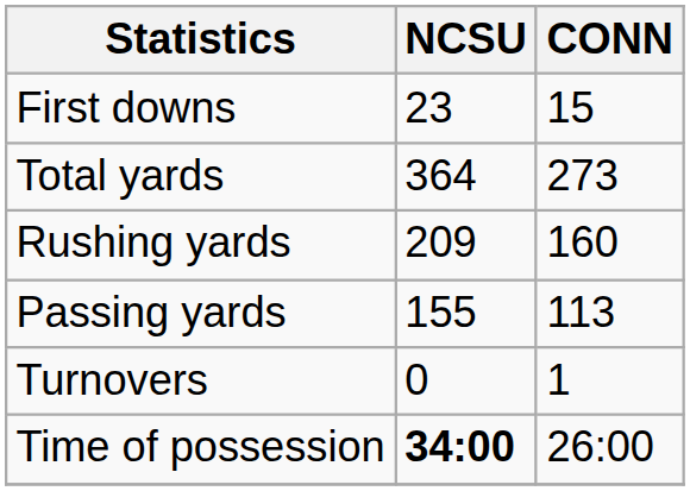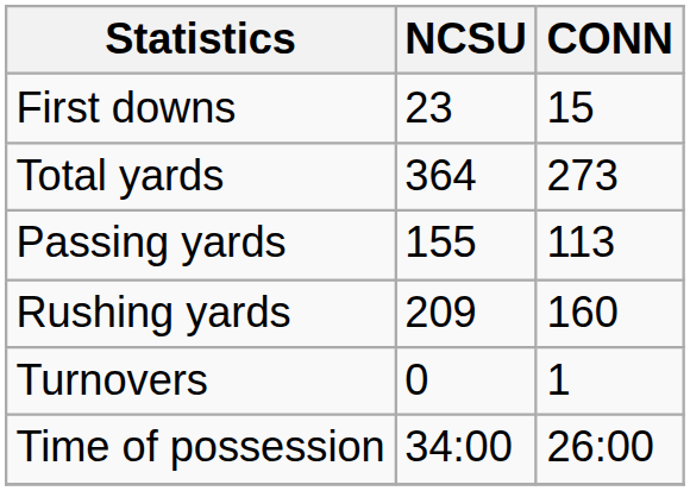 <table class="wikitable">
 <tr>
 <th>Statistics</th>
 <th>NCSU</th>
 <th>CONN</th>
 </tr>
 <tr>
 <td>First downs</td>
 <td>23</td>
 <td>15</td>
 </tr>
 <tr>
 <td>Total yards</td>
 <td>364</td>
 <td>273</td>
 </tr>
 <tr>
+<td>Passing yards</td>
+<td>155</td>
+<td>113</td>
+</tr>
+<tr>
 <td>Rushing yards</td>
 <td>209</td>
 <td>160</td>
-</tr>
-<tr>
-<td>Passing yards</td>
-<td>155</td>
-<td>113</td>
 </tr>
 <tr>
 <td>Turnovers</td>
 <td>0</td>
 <td>1</td>
 </tr>
 <tr>
 <td>Time of possession</td>
-<td><strong>34:00</strong></td>
+<td>34:00</td>
 <td>26:00</td>
 </tr>
 <tr>
 </tr>
 </table>
